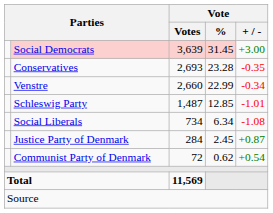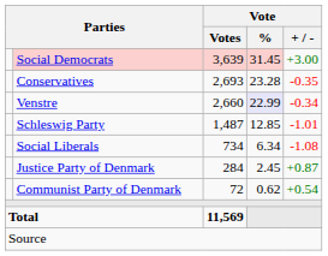 <table class="wikitable" style="text-align:right;">
 <tr>
 <th style="text-align:centre;" rowspan="2" colspan="2" width="225">Parties</th>
 <th colspan="3">Vote</th>
 </tr>
 <tr>
 <th width="15">Votes</th>
 <th width="15">%</th>
 <th width="15">+ / -</th>
 </tr>
 <tr>
 <td width="2" style="color:inherit;background:"></td>
 <td bgcolor=#fbd0ce  align="left"><a href='#'>Social Democrats</a></td>
 <td bgcolor=#fbd0ce>3,639</td>
 <td bgcolor=#fbd0ce>31.45</td>
 <td style=color:green;>+3.00</td>
 </tr>
 <tr>
 <td width="2" style="color:inherit;background:"></td>
 <td align="left"><a href='#'>Conservatives</a></td>
 <td>2,693</td>
 <td>23.28</td>
 <td style=color:red;>-0.35</td>
 </tr>
 <tr>
 <td width="2" style="color:inherit;background:"></td>
 <td align="left"><a href='#'>Venstre</a></td>
 <td>2,660</td>
-<td>22.99</td>
+<td style="background: lavender;">22.99</td>
 <td style=color:red;>-0.34</td>
 </tr>
 <tr>
 <td width="2" style="color:inherit;background:"></td>
 <td align="left"><a href='#'>Schleswig Party</a></td>
 <td>1,487</td>
 <td>12.85</td>
 <td style=color:red;>-1.01</td>
 </tr>
 <tr>
 <td width="2" style="color:inherit;background:"></td>
 <td align="left"><a href='#'>Social Liberals</a></td>
 <td>734</td>
 <td>6.34</td>
 <td style=color:red;>-1.08</td>
 </tr>
 <tr>
 <td width="2" style="color:inherit;background:"></td>
 <td align="left"><a href='#'>Justice Party of Denmark</a></td>
 <td>284</td>
 <td>2.45</td>
 <td style=color:green;>+0.87</td>
 </tr>
 <tr>
 <td width="2" style="color:inherit;background:"></td>
 <td align="left"><a href='#'>Communist Party of Denmark</a></td>
 <td>72</td>
 <td>0.62</td>
 <td style=color:green;>+0.54</td>
 </tr>
 <tr>
 <td colspan="7" bgcolor="#E9E9E9"></td>
 </tr>
 <tr>
 <td align="left" colspan="2"><strong>Total</strong></td>
 <td><strong>11,569</strong></td>
 <td bgcolor="#E9E9E9" colspan="2"></td>
 </tr>
 <tr>
 <td align="left" colspan="6">Source</td>
 </tr>
 </table>
